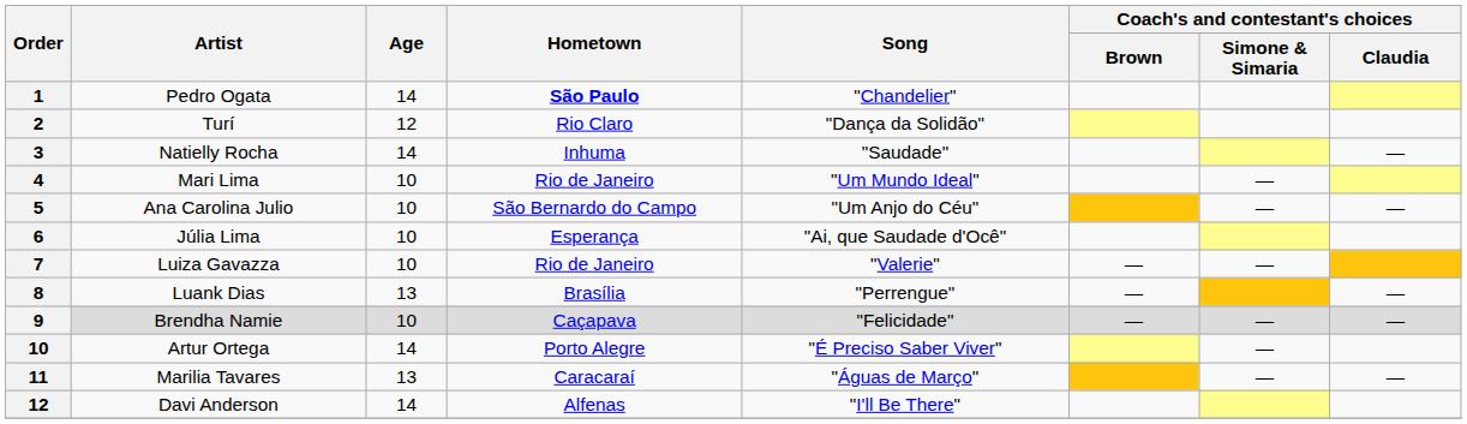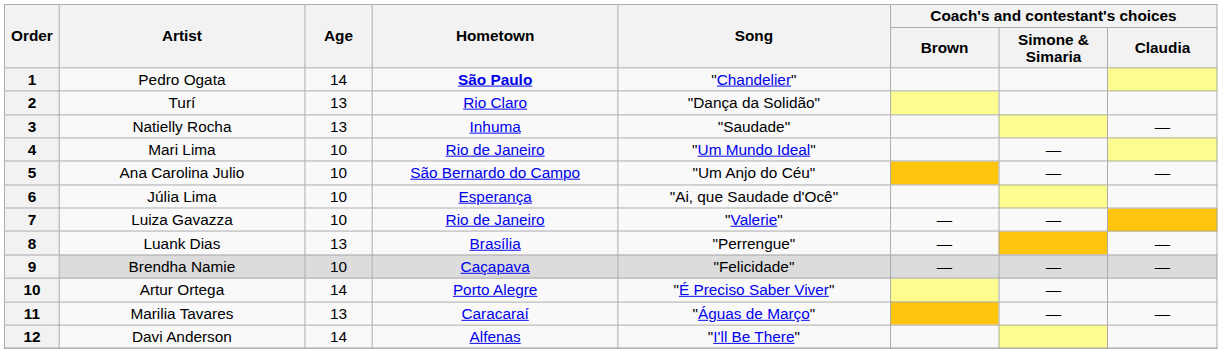 <table class="wikitable" style="text-align:center; line-height:17px; width:100%;">
 <tr>
 <th scope="col" rowspan=2 width="04%">Order</th>
 <th scope="col" rowspan=2 width="18%">Artist</th>
 <th scope="col" rowspan=2 width="05%">Age</th>
 <th scope="col" rowspan=2 width="18%">Hometown</th>
 <th scope="col" rowspan=2 width="20%">Song</th>
 <th scope="col" colspan=3 width="24%">Coach's and contestant's choices</th>
 </tr>
 <tr>
 <th width="08%">Brown</th>
 <th width="08%">Simone & Simaria</th>
 <th width="08%">Claudia</th>
 </tr>
 <tr>
 <th>1</th>
 <td>Pedro Ogata</td>
 <td>14</td>
 <td><strong><a href='#'>São Paulo</a></strong></td>
 <td>"<a href='#'>Chandelier</a>"</td>
 <td><strong></strong></td>
 <td><strong></strong></td>
 <td bgcolor=FDFC8F><strong></strong></td>
 </tr>
 <tr>
 <th>2</th>
 <td>Turí</td>
-<td>12</td>
+<td>13</td>
 <td><a href='#'>Rio Claro</a></td>
 <td>"Dança da Solidão"</td>
 <td bgcolor=FDFC8F><strong></strong></td>
 <td><strong></strong></td>
 <td><strong></strong></td>
 </tr>
 <tr>
 <th>3</th>
 <td>Natielly Rocha</td>
-<td>14</td>
+<td>13</td>
 <td><a href='#'>Inhuma</a></td>
 <td>"Saudade"</td>
 <td><strong></strong></td>
 <td bgcolor=FDFC8F><strong></strong></td>
 <td>—</td>
 </tr>
 <tr>
 <th>4</th>
 <td>Mari Lima</td>
 <td>10</td>
 <td><a href='#'>Rio de Janeiro</a></td>
 <td>"<a href='#'>Um Mundo Ideal</a>"</td>
 <td><strong></strong></td>
 <td>—</td>
 <td bgcolor=FDFC8F><strong></strong></td>
 </tr>
 <tr>
 <th>5</th>
 <td>Ana Carolina Julio</td>
 <td>10</td>
 <td><a href='#'>São Bernardo do Campo</a></td>
 <td>"Um Anjo do Céu"</td>
 <td bgcolor=FFC40C><strong></strong></td>
 <td>—</td>
 <td>—</td>
 </tr>
 <tr>
 <th>6</th>
 <td>Júlia Lima</td>
 <td>10</td>
 <td><a href='#'>Esperança</a></td>
 <td>"Ai, que Saudade d'Ocê"</td>
 <td><strong></strong></td>
 <td bgcolor=FDFC8F><strong></strong></td>
 <td><strong></strong></td>
 </tr>
 <tr>
 <th>7</th>
 <td>Luiza Gavazza</td>
 <td>10</td>
 <td><a href='#'>Rio de Janeiro</a></td>
 <td>"<a href='#'>Valerie</a>"</td>
 <td>—</td>
 <td>—</td>
 <td bgcolor=FFC40C><strong></strong></td>
 </tr>
 <tr>
 <th>8</th>
 <td>Luank Dias</td>
 <td>13</td>
 <td><a href='#'>Brasília</a></td>
 <td>"Perrengue"</td>
 <td>—</td>
 <td bgcolor=FFC40C><strong></strong></td>
 <td>—</td>
 </tr>
 <tr bgcolor=DCDCDC>
 <th>9</th>
 <td>Brendha Namie</td>
 <td>10</td>
 <td><a href='#'>Caçapava</a></td>
 <td>"Felicidade"</td>
 <td>—</td>
 <td>—</td>
 <td>—</td>
 </tr>
 <tr>
 <th>10</th>
 <td>Artur Ortega</td>
 <td>14</td>
 <td><a href='#'>Porto Alegre</a></td>
 <td>"<a href='#'>É Preciso Saber Viver</a>"</td>
 <td bgcolor=FDFC8F><strong></strong></td>
 <td>—</td>
 <td><strong></strong></td>
 </tr>
 <tr>
 <th>11</th>
 <td>Marilia Tavares</td>
 <td>13</td>
 <td><a href='#'>Caracaraí</a></td>
 <td>"<a href='#'>Águas de Março</a>"</td>
 <td bgcolor=FFC40C><strong></strong></td>
 <td>—</td>
 <td>—</td>
 </tr>
 <tr>
 <th>12</th>
 <td>Davi Anderson</td>
 <td>14</td>
 <td><a href='#'>Alfenas</a></td>
 <td>"<a href='#'>I'll Be There</a>"</td>
 <td><strong></strong></td>
 <td style="background-color:#fdfc8f"><strong></strong></td>
 <td><strong></strong></td>
 </tr>
 <tr>
 </tr>
 </table>
